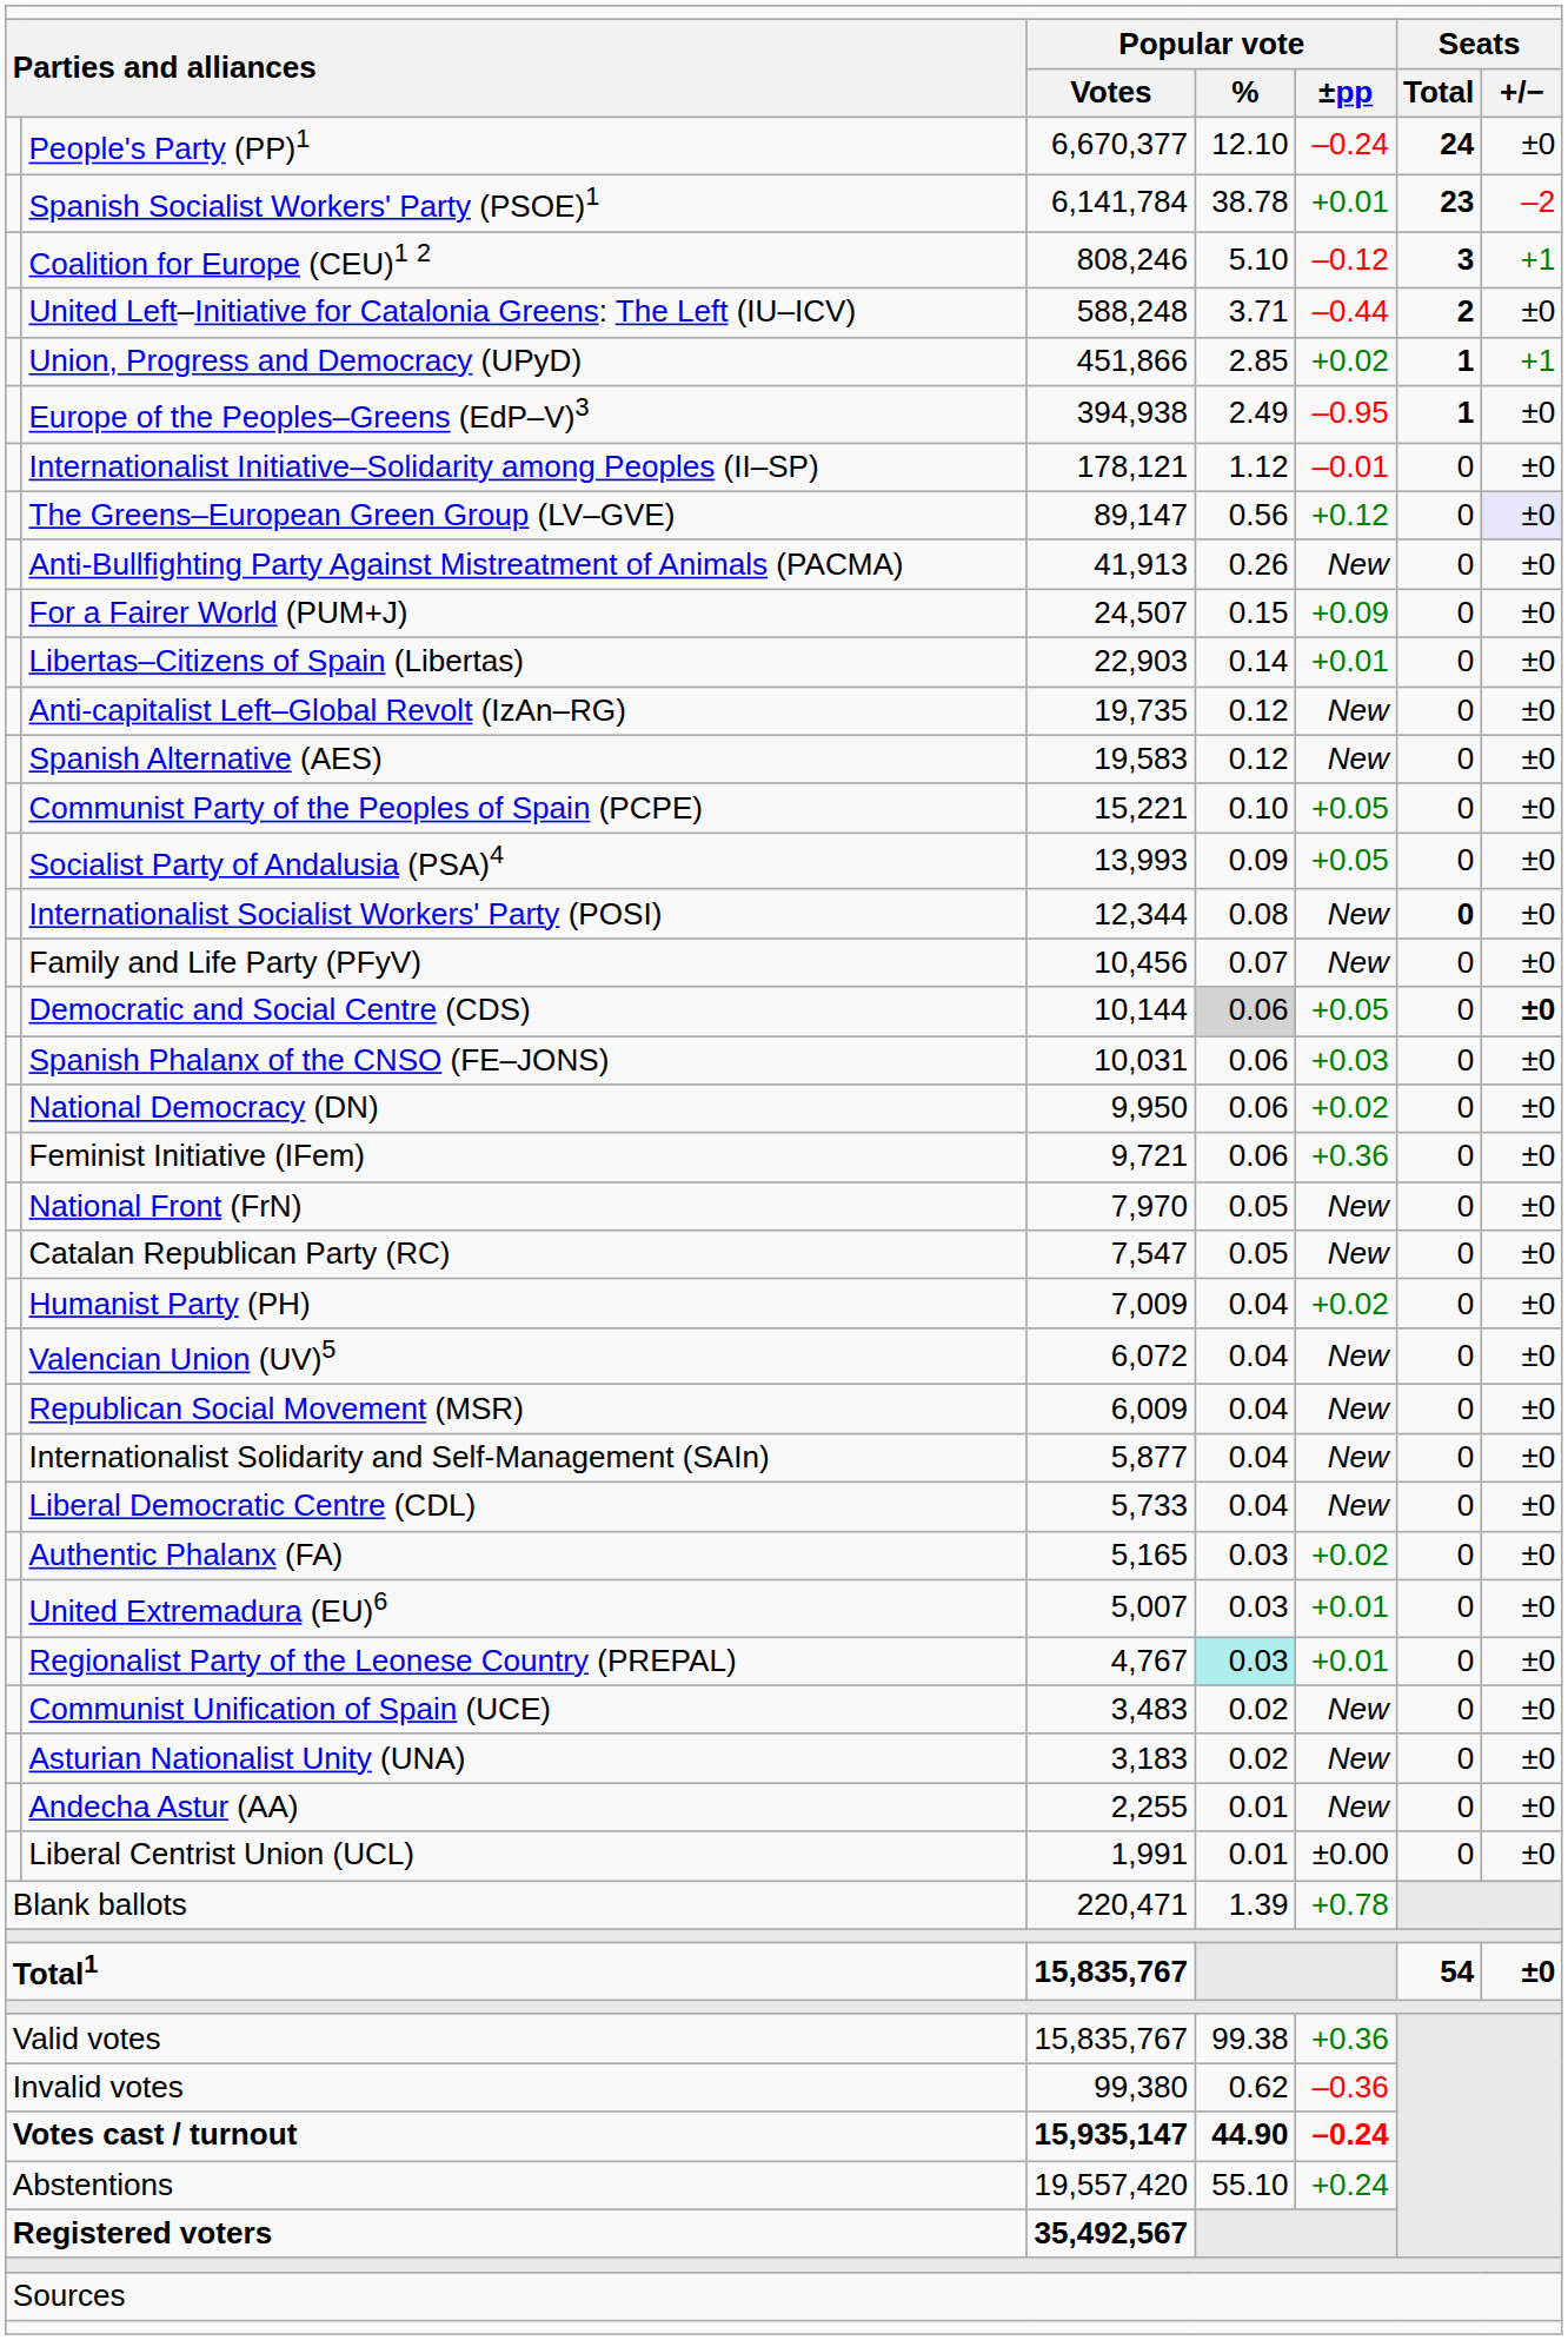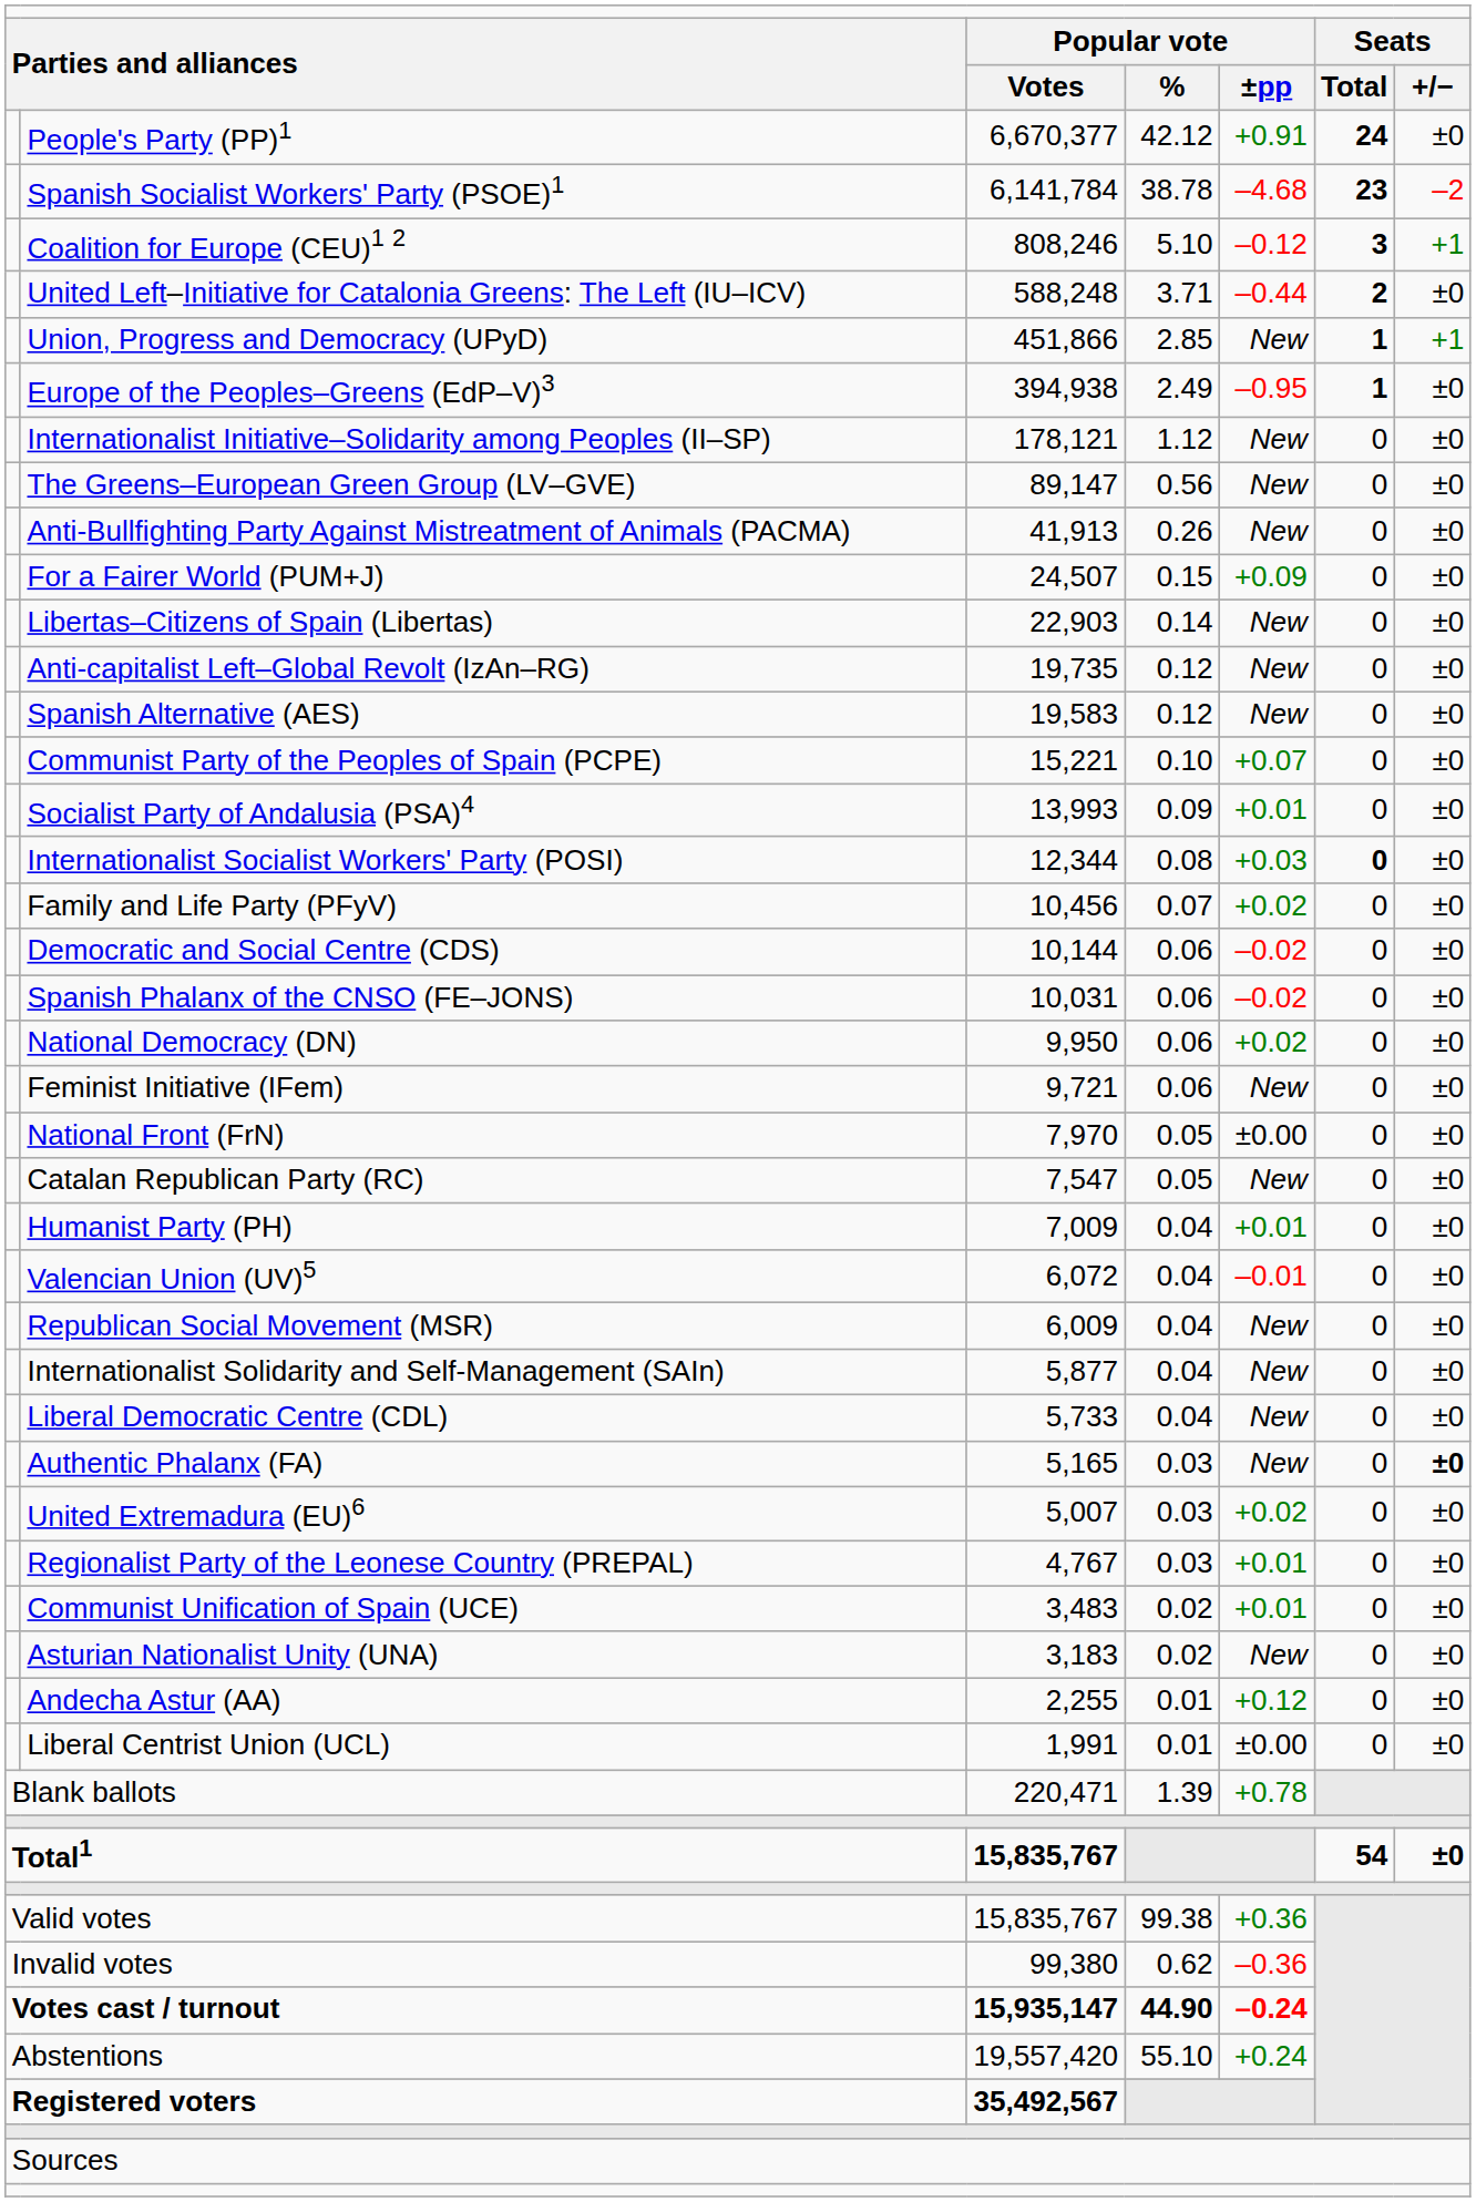 <table class="wikitable" style="text-align:right;">
 <tr>
 <td colspan="7"></td>
 </tr>
 <tr>
 <th style="text-align:left;" rowspan="2" colspan="2" width="525">Parties and alliances</th>
 <th colspan="3">Popular vote</th>
 <th colspan="2">Seats</th>
 </tr>
 <tr>
 <th width="75">Votes</th>
 <th width="45">%</th>
 <th width="45">±<a href='#'>pp</a></th>
 <th width="35">Total</th>
 <th width="35">+/−</th>
 </tr>
 <tr>
 <td width="1" style="color:inherit;background:"></td>
 <td align="left"><a href='#'>People's Party</a> (PP)<sup>1</sup></td>
 <td>6,670,377</td>
-<td>12.10</td>
-<td style="color:red;">–0.24</td>
+<td>42.12</td>
+<td style="color:green;">+0.91</td>
 <td><strong>24</strong></td>
 <td>±0</td>
 </tr>
 <tr>
 <td style="color:inherit;background:"></td>
 <td align="left"><a href='#'>Spanish Socialist Workers' Party</a> (PSOE)<sup>1</sup></td>
 <td>6,141,784</td>
 <td>38.78</td>
-<td style="color:green;">+0.01</td>
+<td style="color:red;">–4.68</td>
 <td><strong>23</strong></td>
 <td style="color:red;">–2</td>
 </tr>
 <tr>
 <td style="color:inherit;background:"></td>
 <td align="left"><a href='#'>Coalition for Europe</a> (CEU)<sup>1</sup> <sup>2</sup></td>
 <td>808,246</td>
 <td>5.10</td>
 <td style="color:red;">–0.12</td>
 <td><strong>3</strong></td>
 <td style="color:green;">+1</td>
 </tr>
 <tr>
 <td style="color:inherit;background:"></td>
 <td align="left"><a href='#'>United Left</a>–<a href='#'>Initiative for Catalonia Greens</a>: <a href='#'>The Left</a> (IU–ICV)</td>
 <td>588,248</td>
 <td>3.71</td>
 <td style="color:red;">–0.44</td>
 <td><strong>2</strong></td>
 <td>±0</td>
 </tr>
 <tr>
 <td style="color:inherit;background:"></td>
 <td align="left"><a href='#'>Union, Progress and Democracy</a> (UPyD)</td>
 <td>451,866</td>
 <td>2.85</td>
-<td style="color:green;">+0.02</td>
+<td><em>New</em></td>
 <td><strong>1</strong></td>
 <td style="color:green;">+1</td>
 </tr>
 <tr>
 <td style="color:inherit;background:"></td>
 <td align="left"><a href='#'>Europe of the Peoples–Greens</a> (EdP–V)<sup>3</sup></td>
 <td>394,938</td>
 <td>2.49</td>
 <td style="color:red;">–0.95</td>
 <td><strong>1</strong></td>
 <td>±0</td>
 </tr>
 <tr>
 <td style="color:inherit;background:"></td>
 <td align="left"><a href='#'>Internationalist Initiative–Solidarity among Peoples</a> (II–SP)</td>
 <td>178,121</td>
 <td>1.12</td>
-<td style="color:red;">–0.01</td>
+<td><em>New</em></td>
 <td>0</td>
 <td>±0</td>
 </tr>
 <tr>
 <td style="color:inherit;background:"></td>
 <td align="left"><a href='#'>The Greens–European Green Group</a> (LV–GVE)</td>
 <td>89,147</td>
 <td>0.56</td>
-<td style="color:green;">+0.12</td>
+<td><em>New</em></td>
 <td>0</td>
-<td style="background: lavender;">±0</td>
+<td>±0</td>
 </tr>
 <tr>
 <td style="color:inherit;background:"></td>
 <td align="left"><a href='#'>Anti-Bullfighting Party Against Mistreatment of Animals</a> (PACMA)</td>
 <td>41,913</td>
 <td>0.26</td>
 <td><em>New</em></td>
 <td>0</td>
 <td>±0</td>
 </tr>
 <tr>
 <td style="color:inherit;background:"></td>
 <td align="left"><a href='#'>For a Fairer World</a> (PUM+J)</td>
 <td>24,507</td>
 <td>0.15</td>
 <td style="color:green;">+0.09</td>
 <td>0</td>
 <td>±0</td>
 </tr>
 <tr>
 <td style="color:inherit;background:"></td>
 <td align="left"><a href='#'>Libertas–Citizens of Spain</a> (Libertas)</td>
 <td>22,903</td>
 <td>0.14</td>
-<td style="color:green;">+0.01</td>
+<td><em>New</em></td>
 <td>0</td>
 <td>±0</td>
 </tr>
 <tr>
 <td style="color:inherit;background:"></td>
 <td align="left"><a href='#'>Anti-capitalist Left–Global Revolt</a> (IzAn–RG)</td>
 <td>19,735</td>
 <td>0.12</td>
 <td><em>New</em></td>
 <td>0</td>
 <td>±0</td>
 </tr>
 <tr>
 <td style="color:inherit;background:"></td>
 <td align="left"><a href='#'>Spanish Alternative</a> (AES)</td>
 <td>19,583</td>
 <td>0.12</td>
 <td><em>New</em></td>
 <td>0</td>
 <td>±0</td>
 </tr>
 <tr>
 <td style="color:inherit;background:"></td>
 <td align="left"><a href='#'>Communist Party of the Peoples of Spain</a> (PCPE)</td>
 <td>15,221</td>
 <td>0.10</td>
-<td style="color:green;">+0.05</td>
+<td style="color:green;">+0.07</td>
 <td>0</td>
 <td>±0</td>
 </tr>
 <tr>
 <td style="color:inherit;background:"></td>
 <td align="left"><a href='#'>Socialist Party of Andalusia</a> (PSA)<sup>4</sup></td>
 <td>13,993</td>
 <td>0.09</td>
-<td style="color:green;">+0.05</td>
+<td style="color:green;">+0.01</td>
 <td>0</td>
 <td>±0</td>
 </tr>
 <tr>
 <td style="color:inherit;background:"></td>
 <td align="left"><a href='#'>Internationalist Socialist Workers' Party</a> (POSI)</td>
 <td>12,344</td>
 <td>0.08</td>
-<td><em>New</em></td>
+<td style="color:green;">+0.03</td>
 <td><strong>0</strong></td>
 <td>±0</td>
 </tr>
 <tr>
 <td style="color:inherit;background:"></td>
 <td align="left">Family and Life Party (PFyV)</td>
 <td>10,456</td>
 <td>0.07</td>
-<td><em>New</em></td>
+<td style="color:green;">+0.02</td>
 <td>0</td>
 <td>±0</td>
 </tr>
 <tr>
 <td style="color:inherit;background:"></td>
 <td align="left"><a href='#'>Democratic and Social Centre</a> (CDS)</td>
 <td>10,144</td>
-<td style="background: lightgrey;">0.06</td>
-<td style="color:green;">+0.05</td>
+<td>0.06</td>
+<td style="color:red;">–0.02</td>
 <td>0</td>
-<td><strong>±0</strong></td>
+<td>±0</td>
 </tr>
 <tr>
 <td style="color:inherit;background:"></td>
 <td align="left"><a href='#'>Spanish Phalanx of the CNSO</a> (FE–JONS)</td>
 <td>10,031</td>
 <td>0.06</td>
-<td style="color:green;">+0.03</td>
+<td style="color:red;">–0.02</td>
 <td>0</td>
 <td>±0</td>
 </tr>
 <tr>
 <td style="color:inherit;background:"></td>
 <td align="left"><a href='#'>National Democracy</a> (DN)</td>
 <td>9,950</td>
 <td>0.06</td>
 <td style="color:green;">+0.02</td>
 <td>0</td>
 <td>±0</td>
 </tr>
 <tr>
 <td style="color:inherit;background:"></td>
 <td align="left">Feminist Initiative (IFem)</td>
 <td>9,721</td>
 <td>0.06</td>
-<td style="color:green;">+0.36</td>
+<td><em>New</em></td>
 <td>0</td>
 <td>±0</td>
 </tr>
 <tr>
 <td style="color:inherit;background:"></td>
 <td align="left"><a href='#'>National Front</a> (FrN)</td>
 <td>7,970</td>
 <td>0.05</td>
-<td><em>New</em></td>
+<td>±0.00</td>
 <td>0</td>
 <td>±0</td>
 </tr>
 <tr>
 <td style="color:inherit;background:"></td>
 <td align="left">Catalan Republican Party (RC)</td>
 <td>7,547</td>
 <td>0.05</td>
 <td><em>New</em></td>
 <td>0</td>
 <td>±0</td>
 </tr>
 <tr>
 <td style="color:inherit;background:"></td>
 <td align="left"><a href='#'>Humanist Party</a> (PH)</td>
 <td>7,009</td>
 <td>0.04</td>
-<td style="color:green;">+0.02</td>
+<td style="color:green;">+0.01</td>
 <td>0</td>
 <td>±0</td>
 </tr>
 <tr>
 <td style="color:inherit;background:"></td>
 <td align="left"><a href='#'>Valencian Union</a> (UV)<sup>5</sup></td>
 <td>6,072</td>
 <td>0.04</td>
-<td><em>New</em></td>
+<td style="color:red;">–0.01</td>
 <td>0</td>
 <td>±0</td>
 </tr>
 <tr>
 <td style="color:inherit;background:"></td>
 <td align="left"><a href='#'>Republican Social Movement</a> (MSR)</td>
 <td>6,009</td>
 <td>0.04</td>
 <td><em>New</em></td>
 <td>0</td>
 <td>±0</td>
 </tr>
 <tr>
 <td style="color:inherit;background:"></td>
 <td align="left">Internationalist Solidarity and Self-Management (SAIn)</td>
 <td>5,877</td>
 <td>0.04</td>
 <td><em>New</em></td>
 <td>0</td>
 <td>±0</td>
 </tr>
 <tr>
 <td style="color:inherit;background:"></td>
 <td align="left"><a href='#'>Liberal Democratic Centre</a> (CDL)</td>
 <td>5,733</td>
 <td>0.04</td>
 <td><em>New</em></td>
 <td>0</td>
 <td>±0</td>
 </tr>
 <tr>
 <td style="color:inherit;background:"></td>
 <td align="left"><a href='#'>Authentic Phalanx</a> (FA)</td>
 <td>5,165</td>
 <td>0.03</td>
-<td style="color:green;">+0.02</td>
+<td><em>New</em></td>
 <td>0</td>
-<td>±0</td>
+<td><strong>±0</strong></td>
 </tr>
 <tr>
 <td style="color:inherit;background:"></td>
 <td align="left"><a href='#'>United Extremadura</a> (EU)<sup>6</sup></td>
 <td>5,007</td>
 <td>0.03</td>
-<td style="color:green;">+0.01</td>
+<td style="color:green;">+0.02</td>
 <td>0</td>
 <td>±0</td>
 </tr>
 <tr>
 <td style="color:inherit;background:"></td>
 <td align="left"><a href='#'>Regionalist Party of the Leonese Country</a> (PREPAL)</td>
 <td>4,767</td>
-<td style="background: paleturquoise;">0.03</td>
+<td>0.03</td>
 <td style="color:green;">+0.01</td>
 <td>0</td>
 <td>±0</td>
 </tr>
 <tr>
 <td style="color:inherit;background:"></td>
 <td align="left"><a href='#'>Communist Unification of Spain</a> (UCE)</td>
 <td>3,483</td>
 <td>0.02</td>
-<td><em>New</em></td>
+<td style="color:green;">+0.01</td>
 <td>0</td>
 <td>±0</td>
 </tr>
 <tr>
 <td style="color:inherit;background:"></td>
 <td align="left"><a href='#'>Asturian Nationalist Unity</a> (UNA)</td>
 <td>3,183</td>
 <td>0.02</td>
 <td><em>New</em></td>
 <td>0</td>
 <td>±0</td>
 </tr>
 <tr>
 <td style="color:inherit;background:"></td>
 <td align="left"><a href='#'>Andecha Astur</a> (AA)</td>
 <td>2,255</td>
 <td>0.01</td>
-<td><em>New</em></td>
+<td style="color:green;">+0.12</td>
 <td>0</td>
 <td>±0</td>
 </tr>
 <tr>
 <td style="color:inherit;background:"></td>
 <td align="left">Liberal Centrist Union (UCL)</td>
 <td>1,991</td>
 <td>0.01</td>
 <td>±0.00</td>
 <td>0</td>
 <td>±0</td>
 </tr>
 <tr>
 <td align="left" colspan="2">Blank ballots</td>
 <td>220,471</td>
 <td>1.39</td>
 <td style="color:green;">+0.78</td>
 <td bgcolor="#E9E9E9" colspan="2"></td>
 </tr>
 <tr>
 <td colspan="7" bgcolor="#E9E9E9"></td>
 </tr>
 <tr style="font-weight:bold;">
 <td align="left" colspan="2">Total<sup>1</sup></td>
 <td>15,835,767</td>
 <td bgcolor="#E9E9E9" colspan="2"></td>
 <td>54</td>
 <td>±0</td>
 </tr>
 <tr>
 <td colspan="7" bgcolor="#E9E9E9"></td>
 </tr>
 <tr>
 <td align="left" colspan="2">Valid votes</td>
 <td>15,835,767</td>
 <td>99.38</td>
 <td style="color:green;">+0.36</td>
 <td bgcolor="#E9E9E9" colspan="2" rowspan="5"></td>
 </tr>
 <tr>
 <td align="left" colspan="2">Invalid votes</td>
 <td>99,380</td>
 <td>0.62</td>
 <td style="color:red;">–0.36</td>
 </tr>
 <tr style="font-weight:bold;">
 <td align="left" colspan="2">Votes cast / turnout</td>
 <td>15,935,147</td>
 <td>44.90</td>
 <td style="color:red;">–0.24</td>
 </tr>
 <tr>
 <td align="left" colspan="2">Abstentions</td>
 <td>19,557,420</td>
 <td>55.10</td>
 <td style="color:green;">+0.24</td>
 </tr>
 <tr style="font-weight:bold;">
 <td align="left" colspan="2">Registered voters</td>
 <td>35,492,567</td>
 <td bgcolor="#E9E9E9" colspan="2"></td>
 </tr>
 <tr>
 <td colspan="7" bgcolor="#E9E9E9"></td>
 </tr>
 <tr>
 <td align="left" colspan="7">Sources</td>
 </tr>
 <tr>
 <td colspan="7" style="text-align:left; max-width:790px;"></td>
 </tr>
 </table>
